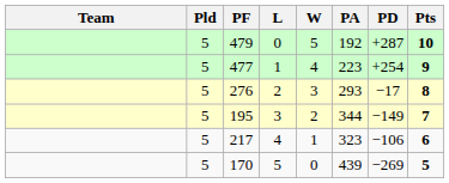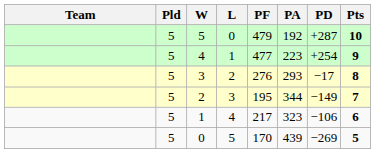 <table class=wikitable style="text-align:center">
 <tr>
 <th width=180>Team</th>
 <th width=30>Pld</th>
+<th width=30>W</th>
+<th width=30>L</th>
 <th width=30>PF</th>
-<th width=30>L</th>
-<th width=30>W</th>
 <th width=30>PA</th>
 <th width=30>PD</th>
 <th width=30>Pts</th>
 </tr>
 <tr bgcolor="#ccffcc">
 <td align="left"></td>
 <td>5</td>
+<td>5</td>
+<td>0</td>
 <td>479</td>
-<td>0</td>
-<td>5</td>
 <td>192</td>
 <td>+287</td>
 <td><strong>10</strong></td>
 </tr>
 <tr bgcolor="#ccffcc">
 <td align="left"></td>
 <td>5</td>
+<td>4</td>
+<td>1</td>
 <td>477</td>
-<td>1</td>
-<td>4</td>
 <td>223</td>
 <td>+254</td>
 <td><strong>9</strong></td>
 </tr>
 <tr bgcolor="#ffffcc">
 <td align="left"></td>
 <td>5</td>
+<td>3</td>
+<td>2</td>
 <td>276</td>
-<td>2</td>
-<td>3</td>
 <td>293</td>
 <td>−17</td>
 <td><strong>8</strong></td>
 </tr>
 <tr bgcolor="#ffffcc">
 <td align="left"></td>
 <td>5</td>
+<td>2</td>
+<td>3</td>
 <td>195</td>
-<td>3</td>
-<td>2</td>
 <td>344</td>
 <td>−149</td>
 <td><strong>7</strong></td>
 </tr>
 <tr>
 <td align="left"></td>
 <td>5</td>
+<td>1</td>
+<td>4</td>
 <td>217</td>
-<td>4</td>
-<td>1</td>
 <td>323</td>
 <td>−106</td>
 <td><strong>6</strong></td>
 </tr>
 <tr>
 <td align="left"></td>
 <td>5</td>
+<td>0</td>
+<td>5</td>
 <td>170</td>
-<td>5</td>
-<td>0</td>
 <td>439</td>
 <td>−269</td>
 <td><strong>5</strong></td>
 </tr>
 </table>
